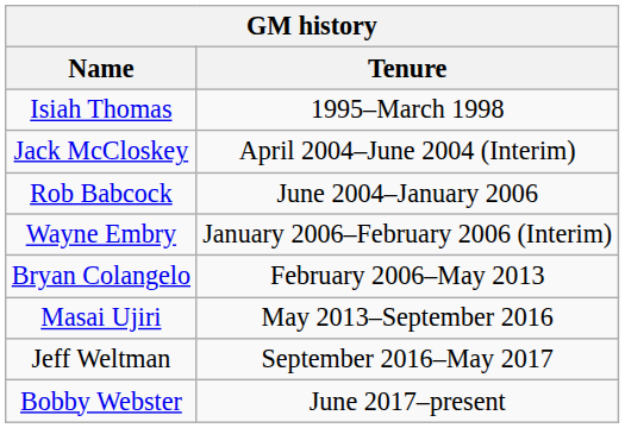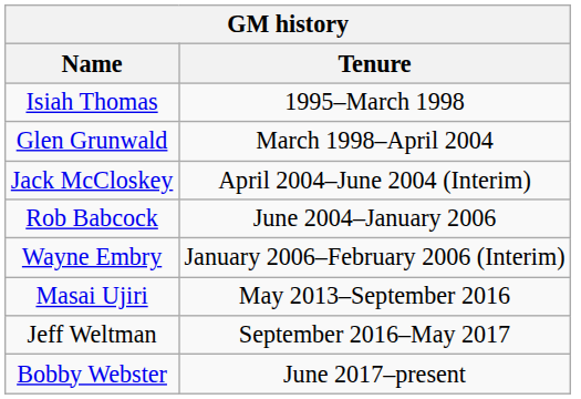 <table class="wikitable" style="text-align:center">
 <tr>
 <th colspan="2">GM history</th>
 </tr>
 <tr>
 <th>Name</th>
 <th>Tenure</th>
 </tr>
 <tr>
 <td><a href='#'>Isiah Thomas</a></td>
 <td>1995–March 1998</td>
+</tr>
+<tr>
+<td><a href='#'>Glen Grunwald</a></td>
+<td>March 1998–April 2004</td>
 </tr>
 <tr>
 <td><a href='#'>Jack McCloskey</a></td>
 <td>April 2004–June 2004 (Interim)</td>
 </tr>
 <tr>
 <td><a href='#'>Rob Babcock</a></td>
 <td>June 2004–January 2006</td>
 </tr>
 <tr>
 <td><a href='#'>Wayne Embry</a></td>
 <td>January 2006–February 2006 (Interim)</td>
 </tr>
 <tr>
-<td><a href='#'>Bryan Colangelo</a></td>
-<td>February 2006–May 2013</td>
-</tr>
-<tr>
 <td><a href='#'>Masai Ujiri</a></td>
 <td>May 2013–September 2016</td>
 </tr>
 <tr>
 <td>Jeff Weltman</td>
 <td>September 2016–May 2017</td>
 </tr>
 <tr>
 <td><a href='#'>Bobby Webster</a></td>
 <td>June 2017–present</td>
 </tr>
 </table>
